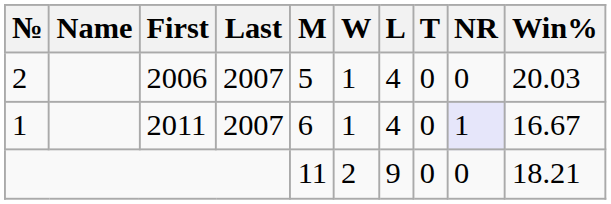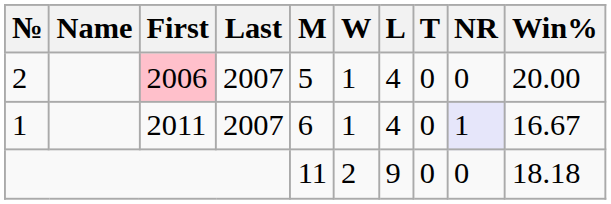 <table class="wikitable sortable">
 <tr>
 <th>№</th>
 <th>Name</th>
 <th>First</th>
 <th>Last</th>
 <th>M</th>
 <th>W</th>
 <th>L</th>
 <th>T</th>
 <th>NR</th>
 <th>Win%</th>
 </tr>
 <tr>
 <td>2</td>
 <td></td>
-<td>2006</td>
+<td style="background: pink;">2006</td>
 <td>2007</td>
 <td>5</td>
 <td>1</td>
 <td>4</td>
 <td>0</td>
 <td>0</td>
-<td>20.03</td>
+<td>20.00</td>
 </tr>
 <tr>
 <td>1</td>
 <td></td>
 <td>2011</td>
 <td>2007</td>
 <td>6</td>
 <td>1</td>
 <td>4</td>
 <td>0</td>
 <td style="background: lavender;">1</td>
 <td>16.67</td>
 </tr>
 <tr>
 <td colspan="4"></td>
 <td>11</td>
 <td>2</td>
 <td>9</td>
 <td>0</td>
 <td>0</td>
-<td>18.21</td>
+<td>18.18</td>
 </tr>
 </table>
